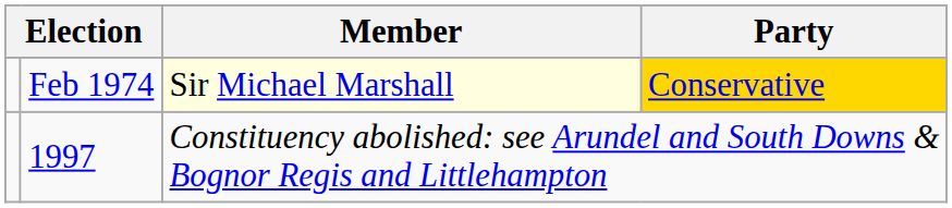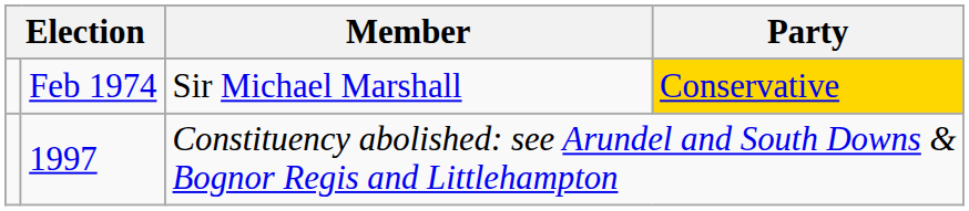 <table class="wikitable">
 <tr>
 <th colspan=2>Election</th>
 <th>Member</th>
 <th>Party</th>
 </tr>
 <tr>
 <td style="color:inherit;background-color: "></td>
 <td><a href='#'>Feb 1974</a></td>
-<td style="background: lightyellow;">Sir <a href='#'>Michael Marshall</a></td>
+<td>Sir <a href='#'>Michael Marshall</a></td>
 <td style="background: gold;"><a href='#'>Conservative</a></td>
 </tr>
 <tr>
 <td></td>
 <td><a href='#'>1997</a></td>
 <td colspan="2"><em>Constituency abolished: see <a href='#'>Arundel and South Downs</a> & <br><a href='#'>Bognor Regis and Littlehampton</a></em></td>
 </tr>
 </table>
